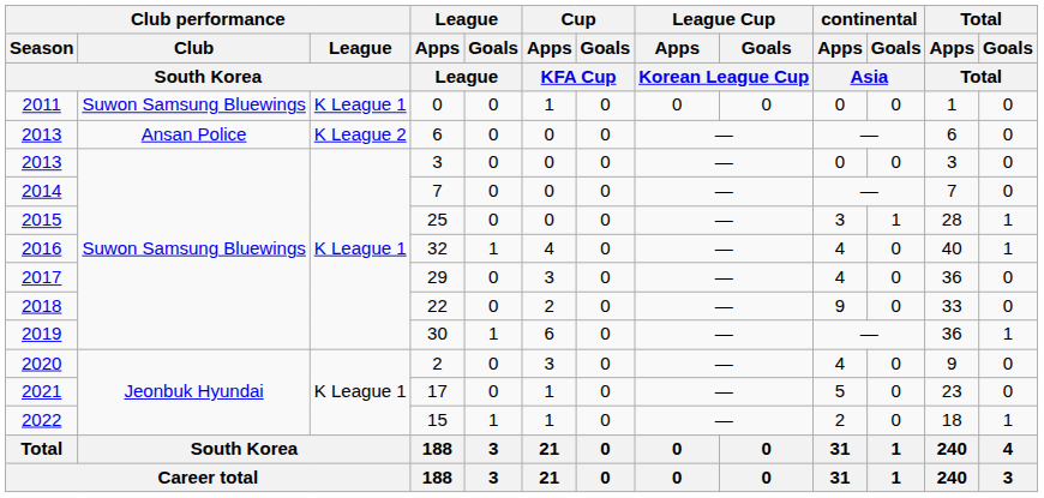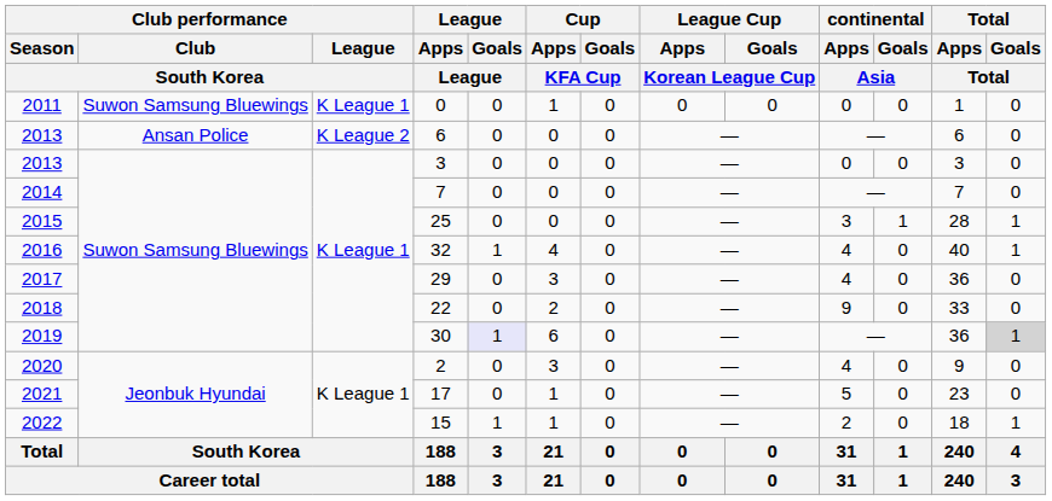 <table class="wikitable" style="text-align:center">
 <tr>
 <th colspan=3>Club performance</th>
 <th colspan=2>League</th>
 <th colspan=2>Cup</th>
 <th colspan=2>League Cup</th>
 <th colspan=2>continental</th>
 <th colspan=2>Total</th>
 </tr>
 <tr>
 <th>Season</th>
 <th>Club</th>
 <th>League</th>
 <th>Apps</th>
 <th>Goals</th>
 <th>Apps</th>
 <th>Goals</th>
 <th>Apps</th>
 <th>Goals</th>
 <th>Apps</th>
 <th>Goals</th>
 <th>Apps</th>
 <th>Goals</th>
 </tr>
 <tr>
 <th colspan=3>South Korea</th>
 <th colspan=2>League</th>
 <th colspan=2><a href='#'>KFA Cup</a></th>
 <th colspan=2><a href='#'>Korean League Cup</a></th>
 <th colspan=2><a href='#'>Asia</a></th>
 <th colspan=2>Total</th>
 </tr>
 <tr>
 <td><a href='#'>2011</a></td>
 <td><a href='#'>Suwon Samsung Bluewings</a></td>
 <td><a href='#'>K League 1</a></td>
 <td>0</td>
 <td>0</td>
 <td>1</td>
 <td>0</td>
 <td>0</td>
 <td>0</td>
 <td>0</td>
 <td>0</td>
 <td>1</td>
 <td>0</td>
 </tr>
 <tr>
 <td><a href='#'>2013</a></td>
 <td><a href='#'>Ansan Police</a></td>
 <td><a href='#'>K League 2</a></td>
 <td>6</td>
 <td>0</td>
 <td>0</td>
 <td>0</td>
 <td colspan=2>—</td>
 <td colspan=2>—</td>
 <td>6</td>
 <td>0</td>
 </tr>
 <tr>
 <td><a href='#'>2013</a></td>
 <td rowspan=7><a href='#'>Suwon Samsung Bluewings</a></td>
 <td rowspan=7><a href='#'>K League 1</a></td>
 <td>3</td>
 <td>0</td>
 <td>0</td>
 <td>0</td>
 <td colspan=2>—</td>
 <td>0</td>
 <td>0</td>
 <td>3</td>
 <td>0</td>
 </tr>
 <tr>
 <td><a href='#'>2014</a></td>
 <td>7</td>
 <td>0</td>
 <td>0</td>
 <td>0</td>
 <td colspan=2>—</td>
 <td colspan=2>—</td>
 <td>7</td>
 <td>0</td>
 </tr>
 <tr>
 <td><a href='#'>2015</a></td>
 <td>25</td>
 <td>0</td>
 <td>0</td>
 <td>0</td>
 <td colspan=2>—</td>
 <td>3</td>
 <td>1</td>
 <td>28</td>
 <td>1</td>
 </tr>
 <tr>
 <td><a href='#'>2016</a></td>
 <td>32</td>
 <td>1</td>
 <td>4</td>
 <td>0</td>
 <td colspan=2>—</td>
 <td>4</td>
 <td>0</td>
 <td>40</td>
 <td>1</td>
 </tr>
 <tr>
 <td><a href='#'>2017</a></td>
 <td>29</td>
 <td>0</td>
 <td>3</td>
 <td>0</td>
 <td colspan=2>—</td>
 <td>4</td>
 <td>0</td>
 <td>36</td>
 <td>0</td>
 </tr>
 <tr>
 <td><a href='#'>2018</a></td>
 <td>22</td>
 <td>0</td>
 <td>2</td>
 <td>0</td>
 <td colspan=2>—</td>
 <td>9</td>
 <td>0</td>
 <td>33</td>
 <td>0</td>
 </tr>
 <tr>
 <td><a href='#'>2019</a></td>
 <td>30</td>
-<td>1</td>
+<td style="background: lavender;">1</td>
 <td>6</td>
 <td>0</td>
 <td colspan=2>—</td>
 <td colspan=2>—</td>
 <td>36</td>
-<td>1</td>
+<td style="background: lightgrey;">1</td>
 </tr>
 <tr>
 <td><a href='#'>2020</a></td>
 <td rowspan=3><a href='#'>Jeonbuk Hyundai</a></td>
 <td rowspan=3>K League 1</td>
 <td>2</td>
 <td>0</td>
 <td>3</td>
 <td>0</td>
 <td colspan=2>—</td>
 <td>4</td>
 <td>0</td>
 <td>9</td>
 <td>0</td>
 </tr>
 <tr>
 <td><a href='#'>2021</a></td>
 <td>17</td>
 <td>0</td>
 <td>1</td>
 <td>0</td>
 <td colspan=2>—</td>
 <td>5</td>
 <td>0</td>
 <td>23</td>
 <td>0</td>
 </tr>
 <tr>
 <td><a href='#'>2022</a></td>
 <td>15</td>
 <td>1</td>
 <td>1</td>
 <td>0</td>
 <td colspan=2>—</td>
 <td>2</td>
 <td>0</td>
 <td>18</td>
 <td>1</td>
 </tr>
 <tr>
 <th>Total</th>
 <th colspan=2>South Korea</th>
 <th>188</th>
 <th>3</th>
 <th>21</th>
 <th>0</th>
 <th>0</th>
 <th>0</th>
 <th>31</th>
 <th>1</th>
 <th>240</th>
 <th>4</th>
 </tr>
 <tr>
 <th colspan=3>Career total</th>
 <th>188</th>
 <th>3</th>
 <th>21</th>
 <th>0</th>
 <th>0</th>
 <th>0</th>
 <th>31</th>
 <th>1</th>
 <th>240</th>
 <th>3</th>
 </tr>
 </table>
